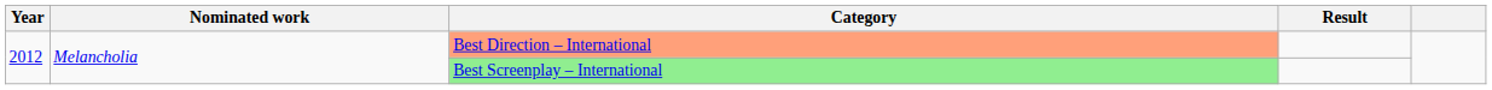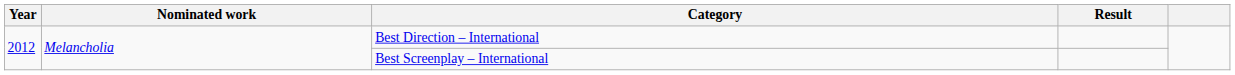 <table class=wikitable width=90%>
 <tr>
 <th width=3%>Year</th>
 <th width=27%>Nominated work</th>
 <th width=56%>Category</th>
 <th width=9%>Result</th>
 <th width=5%></th>
 </tr>
 <tr>
 <td rowspan="2"><a href='#'>2012</a></td>
 <td rowspan="2"><em><a href='#'>Melancholia</a></em></td>
-<td style="background: lightsalmon;"><a href='#'>Best Direction – International</a></td>
+<td><a href='#'>Best Direction – International</a></td>
 <td></td>
 <td rowspan="2" style="text-align:center;"></td>
 </tr>
 <tr>
-<td style="background: lightgreen;"><a href='#'>Best Screenplay – International</a></td>
+<td><a href='#'>Best Screenplay – International</a></td>
 <td></td>
 </tr>
 </table>
